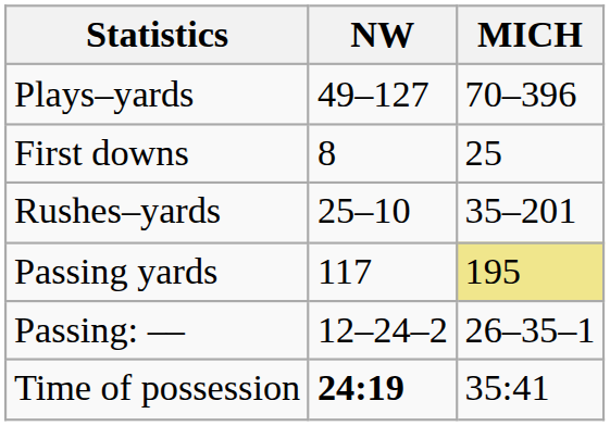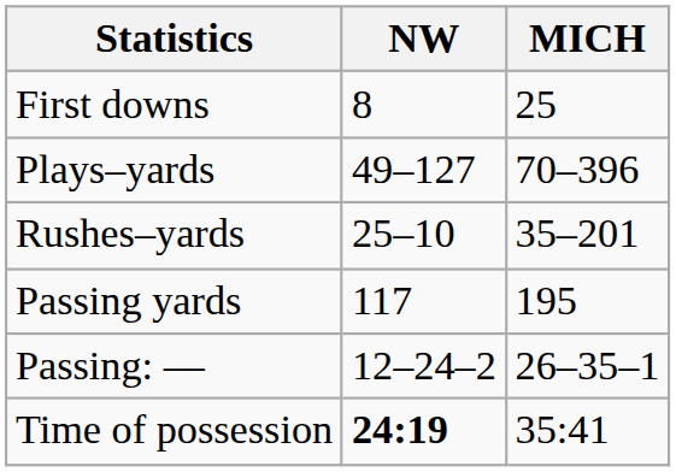 <table class="wikitable" style="float:left">
 <tr>
 <th>Statistics</th>
 <th>NW</th>
 <th>MICH</th>
 </tr>
 <tr>
+<td>First downs</td>
+<td>8</td>
+<td>25</td>
+</tr>
+<tr>
 <td>Plays–yards</td>
 <td>49–127</td>
 <td>70–396</td>
-</tr>
-<tr>
-<td>First downs</td>
-<td>8</td>
-<td>25</td>
 </tr>
 <tr>
 <td>Rushes–yards</td>
 <td>25–10</td>
 <td>35–201</td>
 </tr>
 <tr>
 <td>Passing yards</td>
 <td>117</td>
-<td style="background: khaki;">195</td>
+<td>195</td>
 </tr>
 <tr>
 <td>Passing: ––</td>
 <td>12–24–2</td>
 <td>26–35–1</td>
 </tr>
 <tr>
 <td>Time of possession</td>
 <td><strong>24:19</strong></td>
 <td>35:41</td>
 </tr>
 </table>
